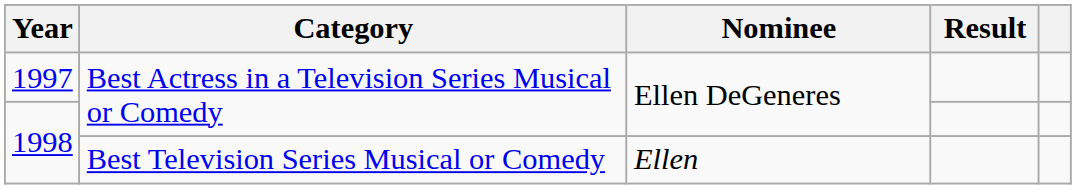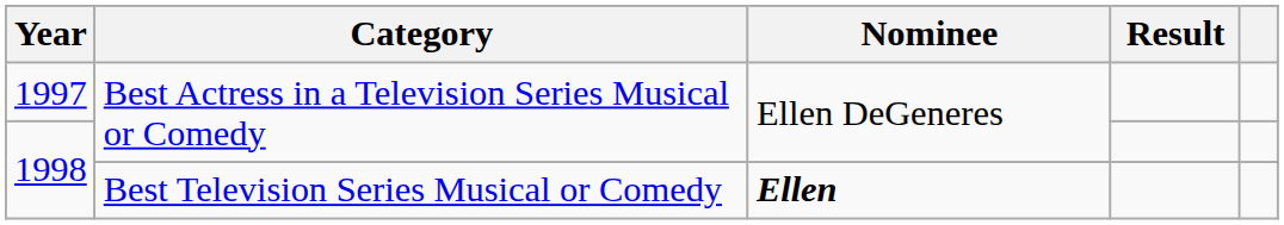 <table class="wikitable" width=90%>
 <tr>
 <th scope="col">Year</th>
 <th width="800" scope="col">Category</th>
 <th width="350" scope="col">Nominee</th>
 <th width="65" scope="col">Result</th>
 <th width="30" scope="col"></th>
 </tr>
 <tr>
 <td><a href='#'>1997</a></td>
 <td scope="row" rowspan="2"><a href='#'>Best Actress in a Television Series Musical or Comedy</a></td>
 <td rowspan="2">Ellen DeGeneres</td>
 <td></td>
 <td style="text-align:center;"></td>
 </tr>
 <tr>
 <td rowspan="2"><a href='#'>1998</a></td>
 <td></td>
 <td style="text-align:center;"></td>
 </tr>
 <tr>
 <td scope="row"><a href='#'>Best Television Series Musical or Comedy</a></td>
-<td><em>Ellen</em></td>
+<td><strong><em>Ellen</em></strong></td>
 <td></td>
 <td style="text-align:center;"></td>
 </tr>
 </table>
